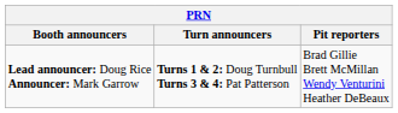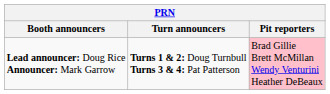 <table class="wikitable" style="font-size: 95%">
 <tr>
 <th colspan="3"><a href='#'>PRN</a></th>
 </tr>
 <tr>
 <th>Booth announcers</th>
 <th>Turn announcers</th>
 <th>Pit reporters</th>
 </tr>
 <tr>
 <td><strong>Lead announcer:</strong> Doug Rice<br><strong>Announcer:</strong> Mark Garrow</td>
 <td><strong>Turns 1 & 2:</strong> Doug Turnbull<br><strong>Turns 3 & 4:</strong> Pat Patterson</td>
-<td>Brad Gillie<br>Brett McMillan<br><a href='#'>Wendy Venturini</a><br>Heather DeBeaux</td>
+<td style="background: pink;">Brad Gillie<br>Brett McMillan<br><a href='#'>Wendy Venturini</a><br>Heather DeBeaux</td>
 </tr>
 </table>
